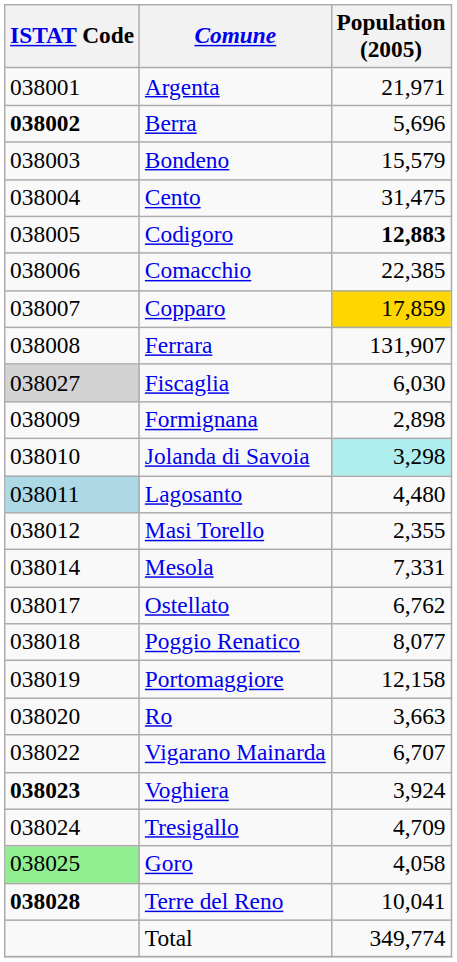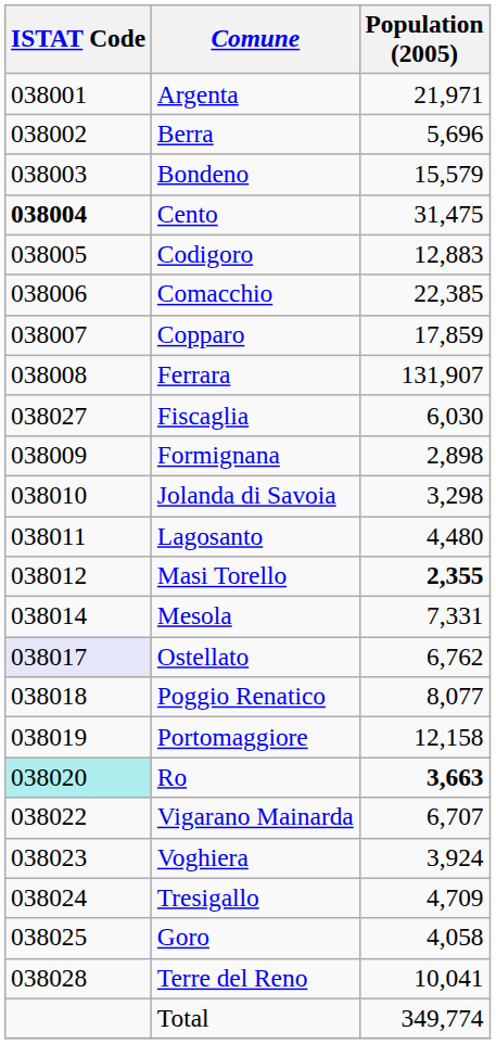 <table class="wikitable sortable">
 <tr>
 <th><a href='#'>ISTAT</a> Code</th>
 <th><em><a href='#'>Comune</a></em></th>
 <th>Population <br>(2005)</th>
 </tr>
 <tr>
 <td>038001</td>
 <td><a href='#'>Argenta</a></td>
 <td align="right">21,971</td>
 </tr>
 <tr>
-<td><strong>038002</strong></td>
+<td>038002</td>
 <td><a href='#'>Berra</a></td>
 <td align="right">5,696</td>
 </tr>
 <tr>
 <td>038003</td>
 <td><a href='#'>Bondeno</a></td>
 <td align="right">15,579</td>
 </tr>
 <tr>
-<td>038004</td>
+<td><strong>038004</strong></td>
 <td><a href='#'>Cento</a></td>
 <td align="right">31,475</td>
 </tr>
 <tr>
 <td>038005</td>
 <td><a href='#'>Codigoro</a></td>
-<td align="right"><strong>12,883</strong></td>
+<td align="right">12,883</td>
 </tr>
 <tr>
 <td>038006</td>
 <td><a href='#'>Comacchio</a></td>
 <td align="right">22,385</td>
 </tr>
 <tr>
 <td>038007</td>
 <td><a href='#'>Copparo</a></td>
-<td align="right" style="background: gold;">17,859</td>
+<td align="right">17,859</td>
 </tr>
 <tr>
 <td>038008</td>
 <td><a href='#'>Ferrara</a></td>
 <td align="right">131,907</td>
 </tr>
 <tr>
-<td style="background: lightgrey;">038027</td>
+<td>038027</td>
 <td><a href='#'>Fiscaglia</a></td>
 <td align="right">6,030</td>
 </tr>
 <tr>
 <td>038009</td>
 <td><a href='#'>Formignana</a></td>
 <td align="right">2,898</td>
 </tr>
 <tr>
 <td>038010</td>
 <td><a href='#'>Jolanda di Savoia</a></td>
-<td align="right" style="background: paleturquoise;">3,298</td>
+<td align="right">3,298</td>
 </tr>
 <tr>
-<td style="background: lightblue;">038011</td>
+<td>038011</td>
 <td><a href='#'>Lagosanto</a></td>
 <td align="right">4,480</td>
 </tr>
 <tr>
 <td>038012</td>
 <td><a href='#'>Masi Torello</a></td>
-<td align="right">2,355</td>
+<td align="right"><strong>2,355</strong></td>
 </tr>
 <tr>
 <td>038014</td>
 <td><a href='#'>Mesola</a></td>
 <td align="right">7,331</td>
 </tr>
 <tr>
-<td>038017</td>
+<td style="background: lavender;">038017</td>
 <td><a href='#'>Ostellato</a></td>
 <td align="right">6,762</td>
 </tr>
 <tr>
 <td>038018</td>
 <td><a href='#'>Poggio Renatico</a></td>
 <td align="right">8,077</td>
 </tr>
 <tr>
 <td>038019</td>
 <td><a href='#'>Portomaggiore</a></td>
 <td align="right">12,158</td>
 </tr>
 <tr>
-<td>038020</td>
+<td style="background: paleturquoise;">038020</td>
 <td><a href='#'>Ro</a></td>
-<td align="right">3,663</td>
+<td align="right"><strong>3,663</strong></td>
 </tr>
 <tr>
 <td>038022</td>
 <td><a href='#'>Vigarano Mainarda</a></td>
 <td align="right">6,707</td>
 </tr>
 <tr>
-<td><strong>038023</strong></td>
+<td>038023</td>
 <td><a href='#'>Voghiera</a></td>
 <td align="right">3,924</td>
 </tr>
 <tr>
 <td>038024</td>
 <td><a href='#'>Tresigallo</a></td>
 <td align="right">4,709</td>
 </tr>
 <tr>
-<td style="background: lightgreen;">038025</td>
+<td>038025</td>
 <td><a href='#'>Goro</a></td>
 <td align="right">4,058</td>
 </tr>
 <tr>
-<td><strong>038028</strong></td>
+<td>038028</td>
 <td><a href='#'>Terre del Reno</a></td>
 <td align="right">10,041</td>
 </tr>
 <tr>
 <td></td>
 <td>Total</td>
 <td align="right">349,774</td>
 </tr>
 <tr>
 </tr>
 </table>
